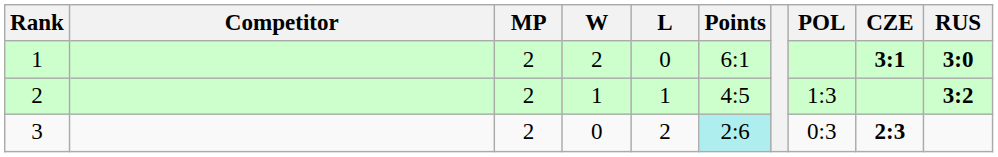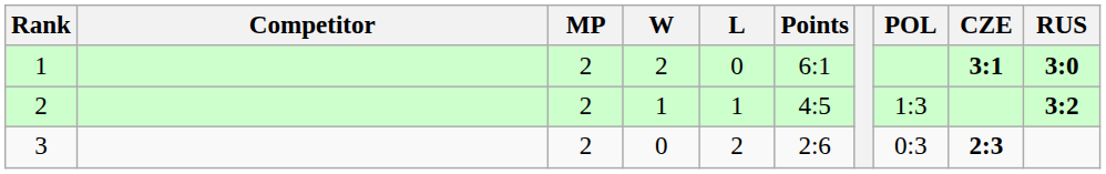 <table class="wikitable" style="text-align:center">
 <tr>
 <th>Rank</th>
 <th style="width:18em">Competitor</th>
 <th style="width:2.5em">MP</th>
 <th style="width:2.5em">W</th>
 <th style="width:2.5em">L</th>
 <th>Points</th>
 <th rowspan="4"> </th>
 <th style="width:2.5em">POL</th>
 <th style="width:2.5em">CZE</th>
 <th style="width:2.5em">RUS</th>
 </tr>
 <tr style="background:#cfc;">
 <td>1</td>
 <td style="text-align:left"></td>
 <td>2</td>
 <td>2</td>
 <td>0</td>
 <td>6:1</td>
 <td></td>
 <td><strong>3:1</strong></td>
 <td><strong>3:0</strong></td>
 </tr>
 <tr style="background:#cfc;">
 <td>2</td>
 <td style="text-align:left"></td>
 <td>2</td>
 <td>1</td>
 <td>1</td>
 <td>4:5</td>
 <td>1:3</td>
 <td></td>
 <td><strong>3:2</strong></td>
 </tr>
 <tr>
 <td>3</td>
 <td style="text-align:left"></td>
 <td>2</td>
 <td>0</td>
 <td>2</td>
-<td style="background: paleturquoise;">2:6</td>
+<td>2:6</td>
 <td>0:3</td>
 <td><strong>2:3</strong></td>
 <td></td>
 </tr>
 </table>
